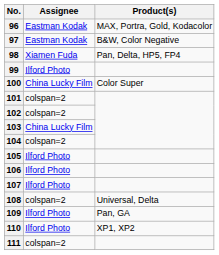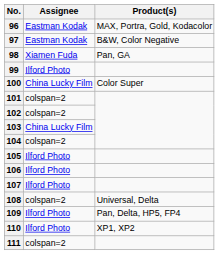 <table class="wikitable" style="font-size:75%;text-align:left;">
 <tr>
 <th>No.</th>
 <th>Assignee</th>
 <th>Product(s)</th>
 </tr>
 <tr>
 <th>96</th>
 <td><a href='#'>Eastman Kodak</a></td>
 <td>MAX, Portra, Gold, Kodacolor</td>
 </tr>
 <tr>
 <th>97</th>
 <td><a href='#'>Eastman Kodak</a></td>
 <td>B&W, Color Negative</td>
 </tr>
 <tr>
 <th>98</th>
 <td><a href='#'>Xiamen Fuda</a></td>
-<td>Pan, Delta, HP5, FP4</td>
+<td>Pan, GA</td>
 </tr>
 <tr>
 <th>99</th>
 <td><a href='#'>Ilford Photo</a></td>
 </tr>
 <tr>
 <th>100</th>
 <td><a href='#'>China Lucky Film</a></td>
 <td>Color Super</td>
 </tr>
 <tr>
 <th>101</th>
 <td>colspan=2 </td>
 </tr>
 <tr>
 <th>102</th>
 <td>colspan=2 </td>
 </tr>
 <tr>
 <th>103</th>
 <td><a href='#'>China Lucky Film</a></td>
 </tr>
 <tr>
 <th>104</th>
 <td>colspan=2 </td>
 </tr>
 <tr>
 <th>105</th>
 <td><a href='#'>Ilford Photo</a></td>
 <td></td>
 </tr>
 <tr>
 <th>106</th>
 <td><a href='#'>Ilford Photo</a></td>
 <td></td>
 </tr>
 <tr>
 <th>107</th>
 <td><a href='#'>Ilford Photo</a></td>
 <td></td>
 </tr>
 <tr>
 <th>108</th>
 <td>colspan=2 </td>
 <td>Universal, Delta</td>
 </tr>
 <tr>
 <th>109</th>
 <td><a href='#'>Ilford Photo</a></td>
-<td>Pan, GA</td>
+<td>Pan, Delta, HP5, FP4</td>
 </tr>
 <tr>
 <th>110</th>
 <td><a href='#'>Ilford Photo</a></td>
 <td>XP1, XP2</td>
 </tr>
 <tr>
 <th>111</th>
 <td>colspan=2 </td>
 </tr>
 </table>
